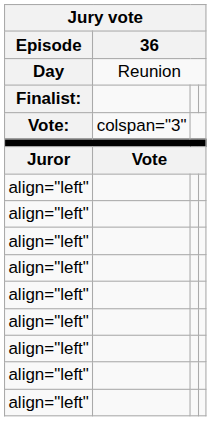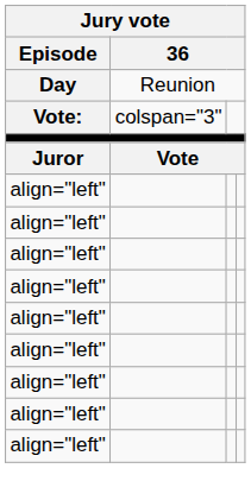 <table class="wikitable" style="text-align:center">
 <tr>
 <th colspan=4>Jury vote</th>
 </tr>
 <tr>
 <th>Episode</th>
 <th colspan=3>36</th>
 </tr>
 <tr>
 <th>Day</th>
 <td colspan=3>Reunion</td>
-</tr>
-<tr>
-<th align="left">Finalist:</th>
-<td></td>
-<td></td>
-<td></td>
 </tr>
 <tr>
 <th align="left">Vote:</th>
 <td>colspan="3" </td>
 </tr>
 <tr>
 <td bgcolor=black colspan=4></td>
 </tr>
 <tr>
 <th>Juror</th>
 <th colspan=3>Vote</th>
 </tr>
 <tr>
 <td>align="left" </td>
 <td></td>
 <td></td>
 <td></td>
 </tr>
 <tr>
 <td>align="left" </td>
 <td></td>
 <td></td>
 <td></td>
 </tr>
 <tr>
 <td>align="left" </td>
 <td></td>
 <td></td>
 <td></td>
 </tr>
 <tr>
 <td>align="left" </td>
 <td></td>
 <td></td>
 <td></td>
 </tr>
 <tr>
 <td>align="left" </td>
 <td></td>
 <td></td>
 <td></td>
 </tr>
 <tr>
 <td>align="left" </td>
 <td></td>
 <td></td>
 <td></td>
 </tr>
 <tr>
 <td>align="left" </td>
 <td></td>
 <td></td>
 <td></td>
 </tr>
 <tr>
 <td>align="left" </td>
 <td></td>
 <td></td>
 <td></td>
 </tr>
 <tr>
 <td>align="left" </td>
 <td></td>
 <td></td>
 <td></td>
 </tr>
 </table>
